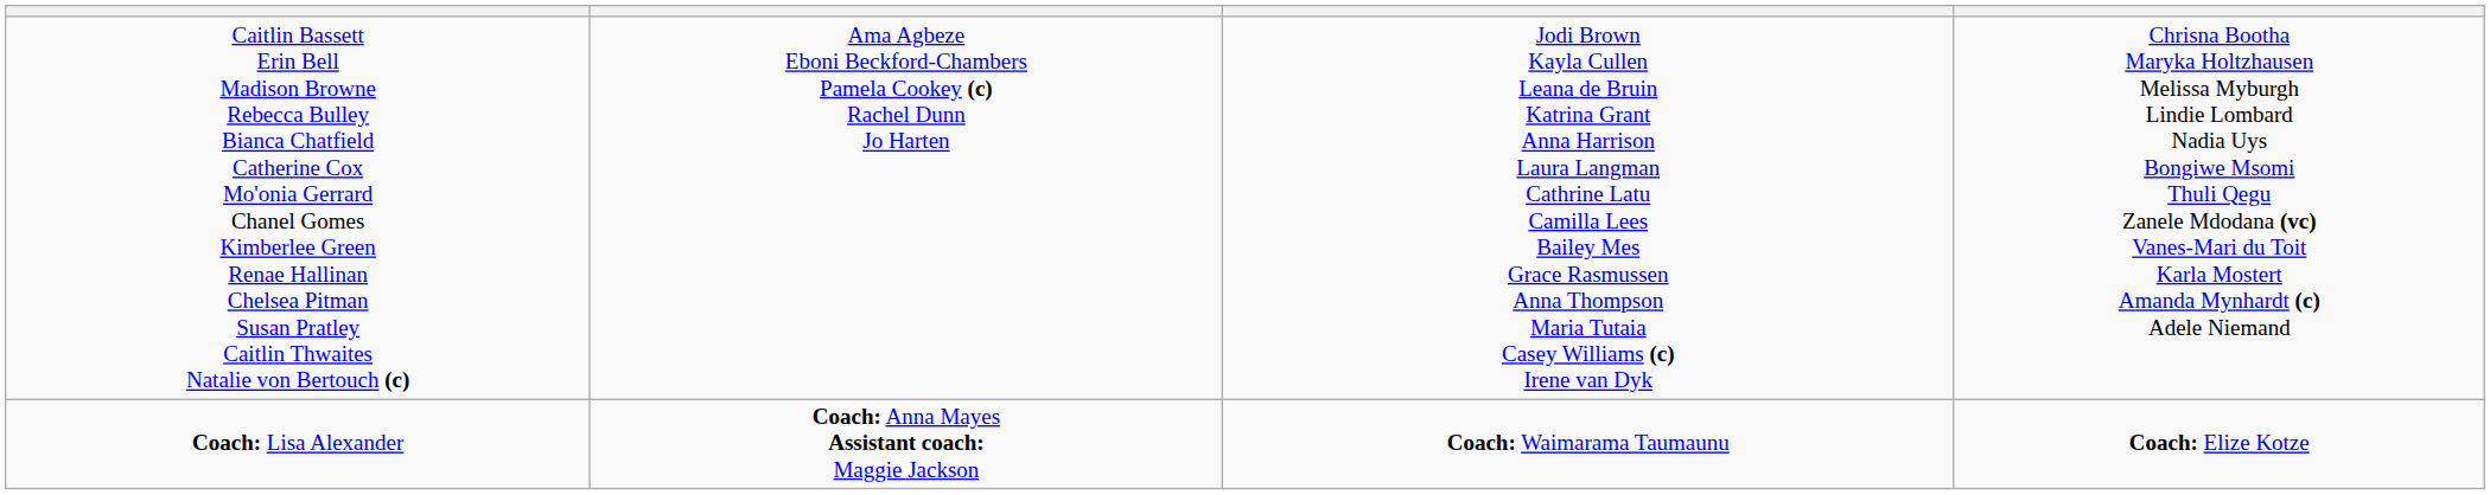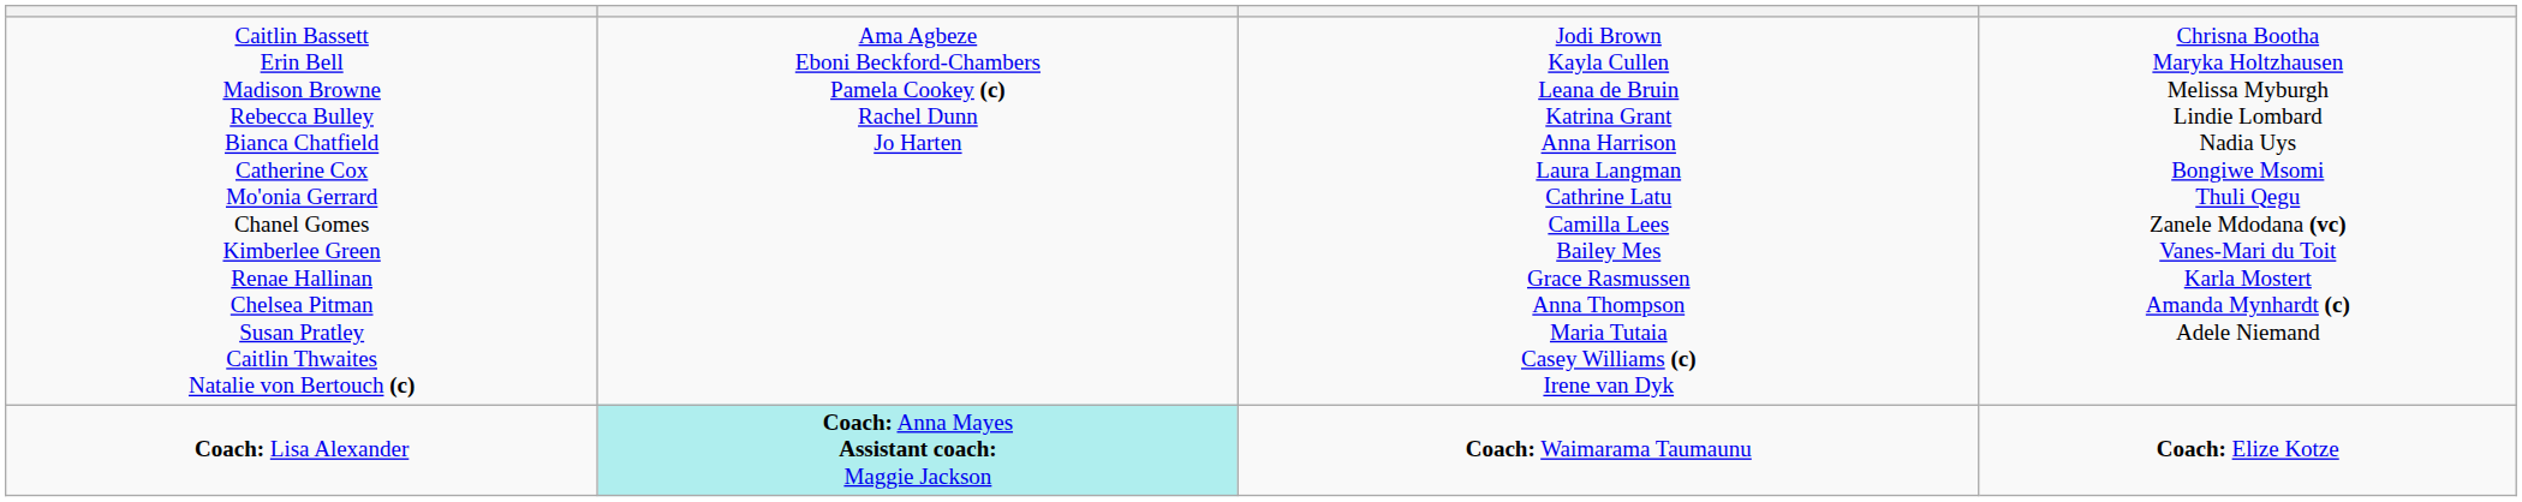 <table class=wikitable width=100% style="text-align:center; font-size:90%">
 <tr>
 <th></th>
 <th></th>
 <th></th>
 <th></th>
 </tr>
 <tr valign=top>
 <td><a href='#'>Caitlin Bassett</a><br><a href='#'>Erin Bell</a><br><a href='#'>Madison Browne</a><br><a href='#'>Rebecca Bulley</a><br><a href='#'>Bianca Chatfield</a><br><a href='#'>Catherine Cox</a><br><a href='#'>Mo'onia Gerrard</a><br>Chanel Gomes<br><a href='#'>Kimberlee Green</a><br><a href='#'>Renae Hallinan</a><br><a href='#'>Chelsea Pitman</a><br><a href='#'>Susan Pratley</a><br><a href='#'>Caitlin Thwaites</a><br><a href='#'>Natalie von Bertouch</a> <strong>(c)</strong></td>
 <td><a href='#'>Ama Agbeze</a><br><a href='#'>Eboni Beckford-Chambers</a><br><a href='#'>Pamela Cookey</a> <strong>(c)</strong><br><a href='#'>Rachel Dunn</a><br><a href='#'>Jo Harten</a></td>
 <td><a href='#'>Jodi Brown</a><br><a href='#'>Kayla Cullen</a><br><a href='#'>Leana de Bruin</a><br><a href='#'>Katrina Grant</a><br><a href='#'>Anna Harrison</a><br><a href='#'>Laura Langman</a><br><a href='#'>Cathrine Latu</a><br><a href='#'>Camilla Lees</a><br><a href='#'>Bailey Mes</a><br><a href='#'>Grace Rasmussen</a><br><a href='#'>Anna Thompson</a><br><a href='#'>Maria Tutaia</a><br><a href='#'>Casey Williams</a> <strong>(c)</strong><br><a href='#'>Irene van Dyk</a></td>
 <td><a href='#'>Chrisna Bootha</a><br><a href='#'>Maryka Holtzhausen</a><br>Melissa Myburgh<br>Lindie Lombard<br>Nadia Uys<br><a href='#'>Bongiwe Msomi</a><br><a href='#'>Thuli Qegu</a><br>Zanele Mdodana  <strong>(vc)</strong><br><a href='#'>Vanes-Mari du Toit</a><br><a href='#'>Karla Mostert</a><br><a href='#'>Amanda Mynhardt</a> <strong>(c)</strong><br>Adele Niemand</td>
 </tr>
 <tr>
 <td> <strong>Coach:</strong> <a href='#'>Lisa Alexander</a></td>
-<td> <strong>Coach:</strong> <a href='#'>Anna Mayes</a><br><strong>Assistant coach:</strong> <br><a href='#'>Maggie Jackson</a></td>
+<td style="background: paleturquoise;"> <strong>Coach:</strong> <a href='#'>Anna Mayes</a><br><strong>Assistant coach:</strong> <br><a href='#'>Maggie Jackson</a></td>
 <td> <strong>Coach:</strong> <a href='#'>Waimarama Taumaunu</a></td>
 <td> <strong>Coach:</strong> <a href='#'>Elize Kotze</a></td>
 </tr>
 </table>
